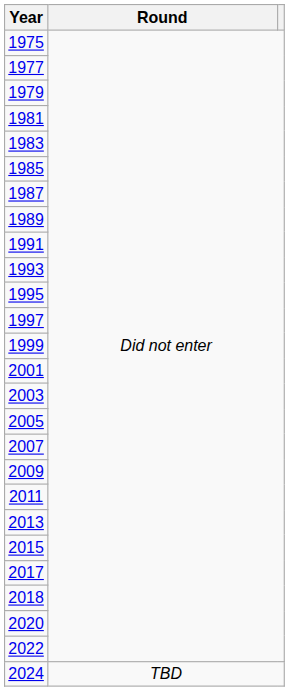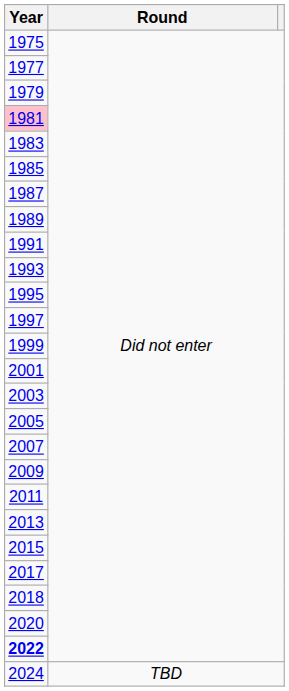 <table class="wikitable" style="text-align: center; font-size:90%">
 <tr>
 <th>Year</th>
 <th style="width:200px">Round</th>
 <th></th>
 </tr>
 <tr>
 <td><a href='#'>1975</a></td>
 <td colspan="2" rowspan="25"><em>Did not enter</em></td>
 </tr>
 <tr>
 <td><a href='#'>1977</a></td>
 </tr>
 <tr>
 <td><a href='#'>1979</a></td>
 </tr>
 <tr>
-<td><a href='#'>1981</a></td>
+<td style="background: pink;"><a href='#'>1981</a></td>
 </tr>
 <tr>
 <td><a href='#'>1983</a></td>
 </tr>
 <tr>
 <td><a href='#'>1985</a></td>
 </tr>
 <tr>
 <td><a href='#'>1987</a></td>
 </tr>
 <tr>
 <td><a href='#'>1989</a></td>
 </tr>
 <tr>
 <td><a href='#'>1991</a></td>
 </tr>
 <tr>
 <td><a href='#'>1993</a></td>
 </tr>
 <tr>
 <td><a href='#'>1995</a></td>
 </tr>
 <tr>
 <td><a href='#'>1997</a></td>
 </tr>
 <tr>
 <td><a href='#'>1999</a></td>
 </tr>
 <tr>
 <td><a href='#'>2001</a></td>
 </tr>
 <tr>
 <td><a href='#'>2003</a></td>
 </tr>
 <tr>
 <td><a href='#'>2005</a></td>
 </tr>
 <tr>
 <td><a href='#'>2007</a></td>
 </tr>
 <tr>
 <td><a href='#'>2009</a></td>
 </tr>
 <tr>
 <td><a href='#'>2011</a></td>
 </tr>
 <tr>
 <td><a href='#'>2013</a></td>
 </tr>
 <tr>
 <td><a href='#'>2015</a></td>
 </tr>
 <tr>
 <td><a href='#'>2017</a></td>
 </tr>
 <tr>
 <td><a href='#'>2018</a></td>
 </tr>
 <tr>
 <td><a href='#'>2020</a></td>
 </tr>
 <tr>
-<td><a href='#'>2022</a></td>
+<td><strong><a href='#'>2022</a></strong></td>
 </tr>
 <tr>
 <td><a href='#'>2024</a></td>
 <td colspan="2"><em>TBD</em></td>
 </tr>
 </table>
